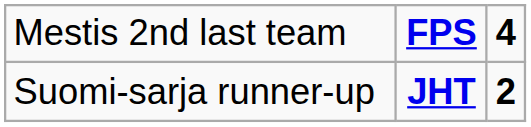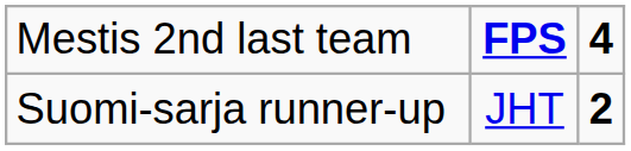 <table class="wikitable" style="width:230px">
 <tr>
 <td align=left>Mestis 2nd last team</td>
 <td align=center><strong><a href='#'>FPS</a></strong></td>
 <td align=center><strong>4</strong></td>
 </tr>
 <tr>
 <td align=left>Suomi-sarja runner-up</td>
-<td align=center><strong><a href='#'>JHT</a></strong></td>
+<td align=center><a href='#'>JHT</a></td>
 <td align=center><strong>2</strong></td>
 </tr>
 </table>
